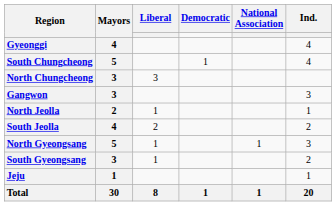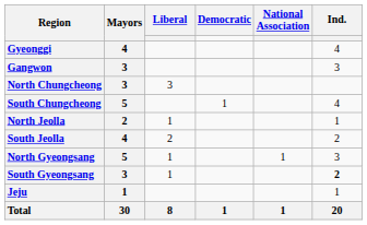 <table class="wikitable" style="text-align:center; font-size: 0.9em;">
 <tr>
 <th rowspan="2">Region</th>
 <th rowspan="2">Mayors</th>
 <th class="unsortable" style="width:60px;"><a href='#'>Liberal</a></th>
 <th class="unsortable" style="width:60px;"><a href='#'>Democratic</a></th>
 <th class="unsortable" style="width:60px;"><a href='#'>National Association</a></th>
 <th class="unsortable" style="width:60px;">Ind.</th>
 </tr>
 <tr>
 <th style="background:"></th>
 <td></td>
 <th style="background:"></th>
 <th style="background:"></th>
 </tr>
 <tr>
 <th style="text-align: left;"><a href='#'>Gyeonggi</a></th>
 <th>4</th>
 <td></td>
 <td></td>
 <td></td>
 <td>4</td>
 </tr>
 <tr>
-<th style="text-align: left;"><a href='#'>South Chungcheong</a></th>
-<th>5</th>
+<th style="text-align: left;"><a href='#'>Gangwon</a></th>
+<th>3</th>
 <td></td>
-<td>1</td>
 <td></td>
-<td>4</td>
+<td></td>
+<td>3</td>
 </tr>
 <tr>
 <th style="text-align: left;"><a href='#'>North Chungcheong</a></th>
 <th>3</th>
 <td>3</td>
 <td></td>
 <td></td>
 <td></td>
 </tr>
 <tr>
-<th style="text-align: left;"><a href='#'>Gangwon</a></th>
-<th>3</th>
+<th style="text-align: left;"><a href='#'>South Chungcheong</a></th>
+<th>5</th>
 <td></td>
+<td>1</td>
 <td></td>
-<td></td>
-<td>3</td>
+<td>4</td>
 </tr>
 <tr>
 <th style="text-align: left;"><a href='#'>North Jeolla</a></th>
 <th>2</th>
 <td>1</td>
 <td></td>
 <td></td>
 <td>1</td>
 </tr>
 <tr>
 <th style="text-align: left;"><a href='#'>South Jeolla</a></th>
 <th>4</th>
 <td>2</td>
 <td></td>
 <td></td>
 <td>2</td>
 </tr>
 <tr>
 <th style="text-align: left;"><a href='#'>North Gyeongsang</a></th>
 <th>5</th>
 <td>1</td>
 <td></td>
 <td>1</td>
 <td>3</td>
 </tr>
 <tr>
 <th style="text-align: left;"><a href='#'>South Gyeongsang</a></th>
 <th>3</th>
 <td>1</td>
 <td></td>
 <td></td>
-<td>2</td>
+<td><strong>2</strong></td>
 </tr>
 <tr>
 <th style="text-align: left;"><a href='#'>Jeju</a></th>
 <th>1</th>
 <td></td>
 <td></td>
 <td></td>
 <td>1</td>
 </tr>
 <tr class="sortbottom">
 <th style="text-align: left;">Total</th>
 <th>30</th>
 <th>8</th>
 <th>1</th>
 <th>1</th>
 <th>20</th>
 </tr>
 </table>
